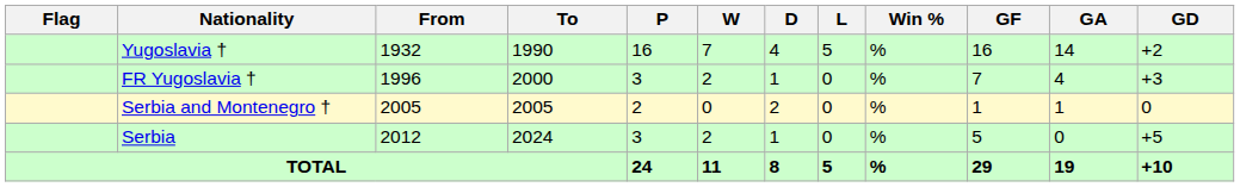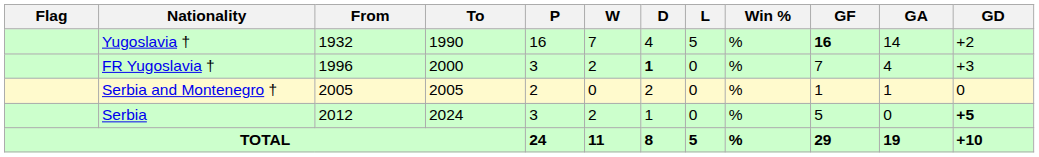 <table class="wikitable sortable" style="width:84%;">
 <tr>
 <th width="2">Flag</th>
 <th width="62">Nationality</th>
 <th width="2">From</th>
 <th width="2">To</th>
 <th width="2">P</th>
 <th width="2">W</th>
 <th width="2">D</th>
 <th width="2">L</th>
 <th width="2">Win %</th>
 <th width="2">GF</th>
 <th width="2">GA</th>
 <th width="2">GD</th>
 </tr>
 <tr bgcolor=#CCFFCC>
 <td></td>
 <td align=left><a href='#'>Yugoslavia</a> †</td>
 <td align=left>1932</td>
 <td align=left>1990</td>
 <td>16</td>
 <td>7</td>
 <td>4</td>
 <td>5</td>
 <td>%</td>
-<td>16</td>
+<td><strong>16</strong></td>
 <td>14</td>
 <td>+2</td>
 </tr>
 <tr bgcolor=#CCFFCC>
 <td></td>
 <td align=left><a href='#'>FR Yugoslavia</a> †</td>
 <td align=left>1996</td>
 <td align=left>2000</td>
 <td>3</td>
 <td>2</td>
-<td>1</td>
+<td><strong>1</strong></td>
 <td>0</td>
 <td>%</td>
 <td>7</td>
 <td>4</td>
 <td>+3</td>
 </tr>
 <tr bgcolor=#FFFACD>
 <td></td>
 <td align=left><a href='#'>Serbia and Montenegro</a> †</td>
 <td align=left>2005</td>
 <td align=left>2005</td>
 <td>2</td>
 <td>0</td>
 <td>2</td>
 <td>0</td>
 <td>%</td>
 <td>1</td>
 <td>1</td>
 <td>0</td>
 </tr>
 <tr bgcolor=#CCFFCC>
 <td></td>
 <td align=left><a href='#'>Serbia</a></td>
 <td align=left>2012</td>
 <td align=left>2024</td>
 <td>3</td>
 <td>2</td>
 <td>1</td>
 <td>0</td>
 <td>%</td>
 <td>5</td>
 <td>0</td>
-<td>+5</td>
+<td><strong>+5</strong></td>
 </tr>
 <tr bgcolor=#CCFFCC>
 <td colspan=4 style="text-align:center;"><strong>TOTAL</strong></td>
 <td><strong>24</strong></td>
 <td><strong>11</strong></td>
 <td><strong>8</strong></td>
 <td><strong>5</strong></td>
 <td><strong>%</strong></td>
 <td><strong>29</strong></td>
 <td><strong>19</strong></td>
 <td><strong>+10</strong></td>
 </tr>
 </table>
